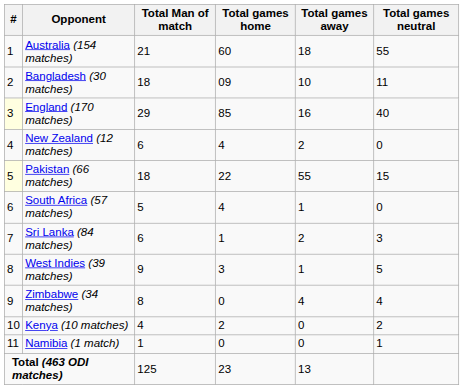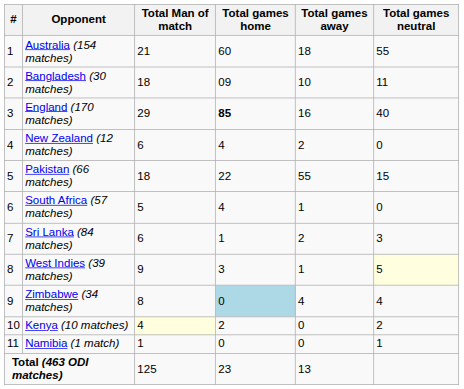 <table class="wikitable" style="width:50%">
 <tr>
 <th>#</th>
 <th>Opponent</th>
 <th>Total Man of match</th>
 <th>Total games home</th>
 <th>Total games away</th>
 <th>Total games neutral</th>
 </tr>
 <tr>
 <td>1</td>
 <td><a href='#'>Australia</a> <em>(154 matches)</em></td>
 <td>21</td>
 <td>60</td>
 <td>18</td>
 <td>55</td>
 </tr>
 <tr>
 <td>2</td>
 <td><a href='#'>Bangladesh</a> <em>(30 matches)</em></td>
 <td>18</td>
 <td>09</td>
 <td>10</td>
 <td>11</td>
 </tr>
 <tr>
-<td style="background: lightyellow;">3</td>
+<td>3</td>
 <td><a href='#'>England</a> <em>(170 matches)</em></td>
 <td>29</td>
-<td>85</td>
+<td><strong>85</strong></td>
 <td>16</td>
 <td>40</td>
 </tr>
 <tr>
 <td>4</td>
 <td><a href='#'>New Zealand</a> <em>(12 matches)</em></td>
 <td>6</td>
 <td>4</td>
 <td>2</td>
 <td>0</td>
 </tr>
 <tr>
-<td style="background: lightyellow;">5</td>
+<td>5</td>
 <td><a href='#'>Pakistan</a> <em>(66 matches)</em></td>
 <td>18</td>
 <td>22</td>
 <td>55</td>
 <td>15</td>
 </tr>
 <tr>
 <td>6</td>
 <td><a href='#'>South Africa</a> <em>(57 matches)</em></td>
 <td>5</td>
 <td>4</td>
 <td>1</td>
 <td>0</td>
 </tr>
 <tr>
 <td>7</td>
 <td><a href='#'>Sri Lanka</a> <em>(84 matches)</em></td>
 <td>6</td>
 <td>1</td>
 <td>2</td>
 <td>3</td>
 </tr>
 <tr>
 <td>8</td>
 <td><a href='#'>West Indies</a> <em>(39 matches)</em></td>
 <td>9</td>
 <td>3</td>
 <td>1</td>
-<td>5</td>
+<td style="background: lightyellow;">5</td>
 </tr>
 <tr>
 <td>9</td>
 <td><a href='#'>Zimbabwe</a> <em>(34 matches)</em></td>
 <td>8</td>
-<td>0</td>
+<td style="background: lightblue;">0</td>
 <td>4</td>
 <td>4</td>
 </tr>
 <tr>
 <td>10</td>
 <td><a href='#'>Kenya</a> <em>(10 matches)</em></td>
-<td>4</td>
+<td style="background: lightyellow;">4</td>
 <td>2</td>
 <td>0</td>
 <td>2</td>
 </tr>
 <tr>
 <td>11</td>
 <td><a href='#'>Namibia</a> <em>(1 match)</em></td>
 <td>1</td>
 <td>0</td>
 <td>0</td>
 <td>1</td>
 </tr>
 <tr>
 <td colspan=2 style="padding-left:10px"><strong>Total <em>(463 ODI matches)</em> </strong></td>
 <td>125</td>
 <td>23</td>
 <td>13</td>
 <td></td>
 </tr>
 </table>
